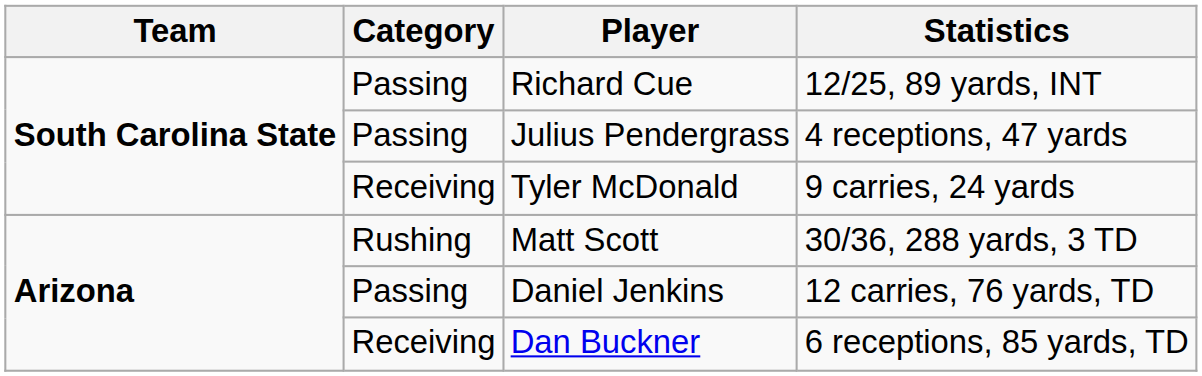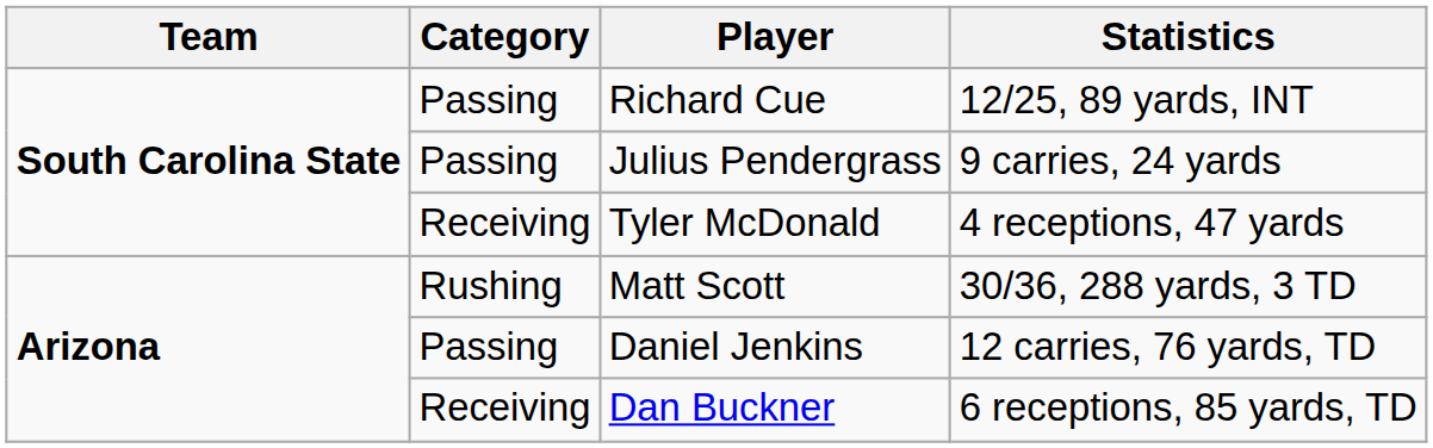 <table class="wikitable" style="float: right;">
 <tr>
 <th>Team</th>
 <th>Category</th>
 <th>Player</th>
 <th>Statistics</th>
 </tr>
 <tr>
 <td rowspan=3><strong>South Carolina State</strong></td>
 <td>Passing</td>
 <td>Richard Cue</td>
 <td>12/25, 89 yards, INT</td>
 </tr>
 <tr>
 <td>Passing</td>
 <td>Julius Pendergrass</td>
-<td>4 receptions, 47 yards</td>
+<td>9 carries, 24 yards</td>
 </tr>
 <tr>
 <td>Receiving</td>
 <td>Tyler McDonald</td>
-<td>9 carries, 24 yards</td>
+<td>4 receptions, 47 yards</td>
 </tr>
 <tr>
 <td rowspan=3><strong>Arizona</strong></td>
 <td>Rushing</td>
 <td>Matt Scott</td>
 <td>30/36, 288 yards, 3 TD</td>
 </tr>
 <tr>
 <td>Passing</td>
 <td>Daniel Jenkins</td>
 <td>12 carries, 76 yards, TD</td>
 </tr>
 <tr>
 <td>Receiving</td>
 <td><a href='#'>Dan Buckner</a></td>
 <td>6 receptions, 85 yards, TD</td>
 </tr>
 </table>
